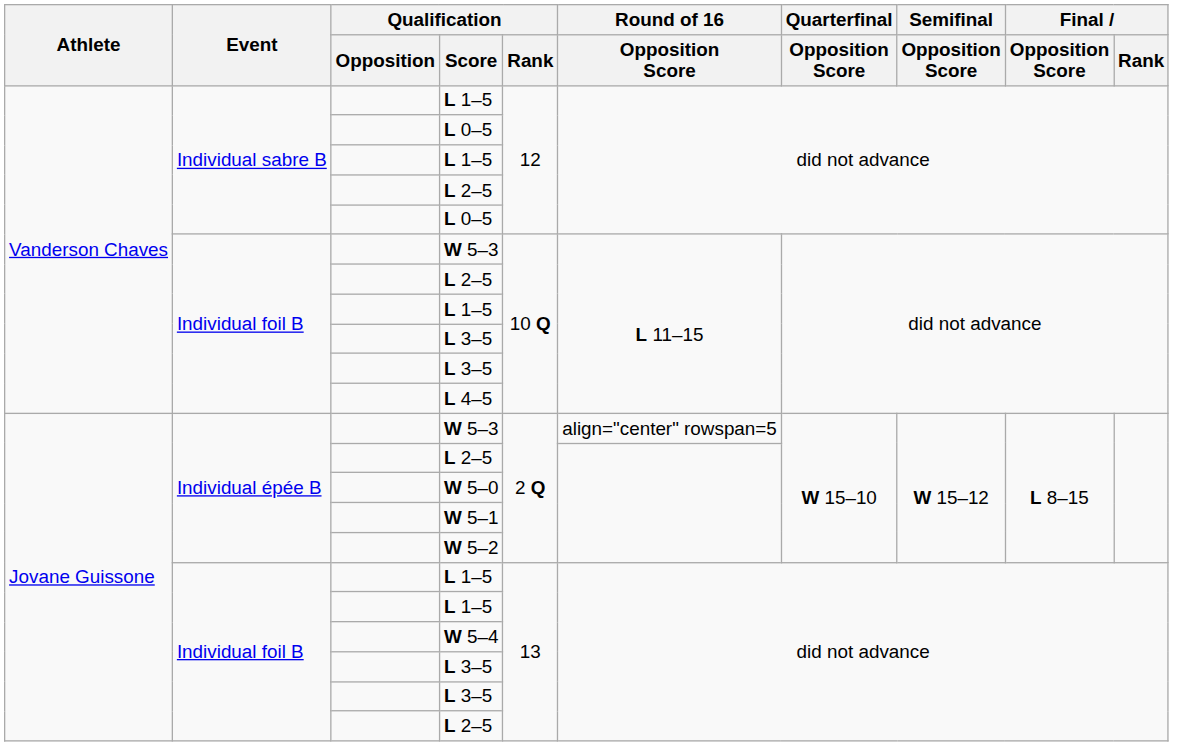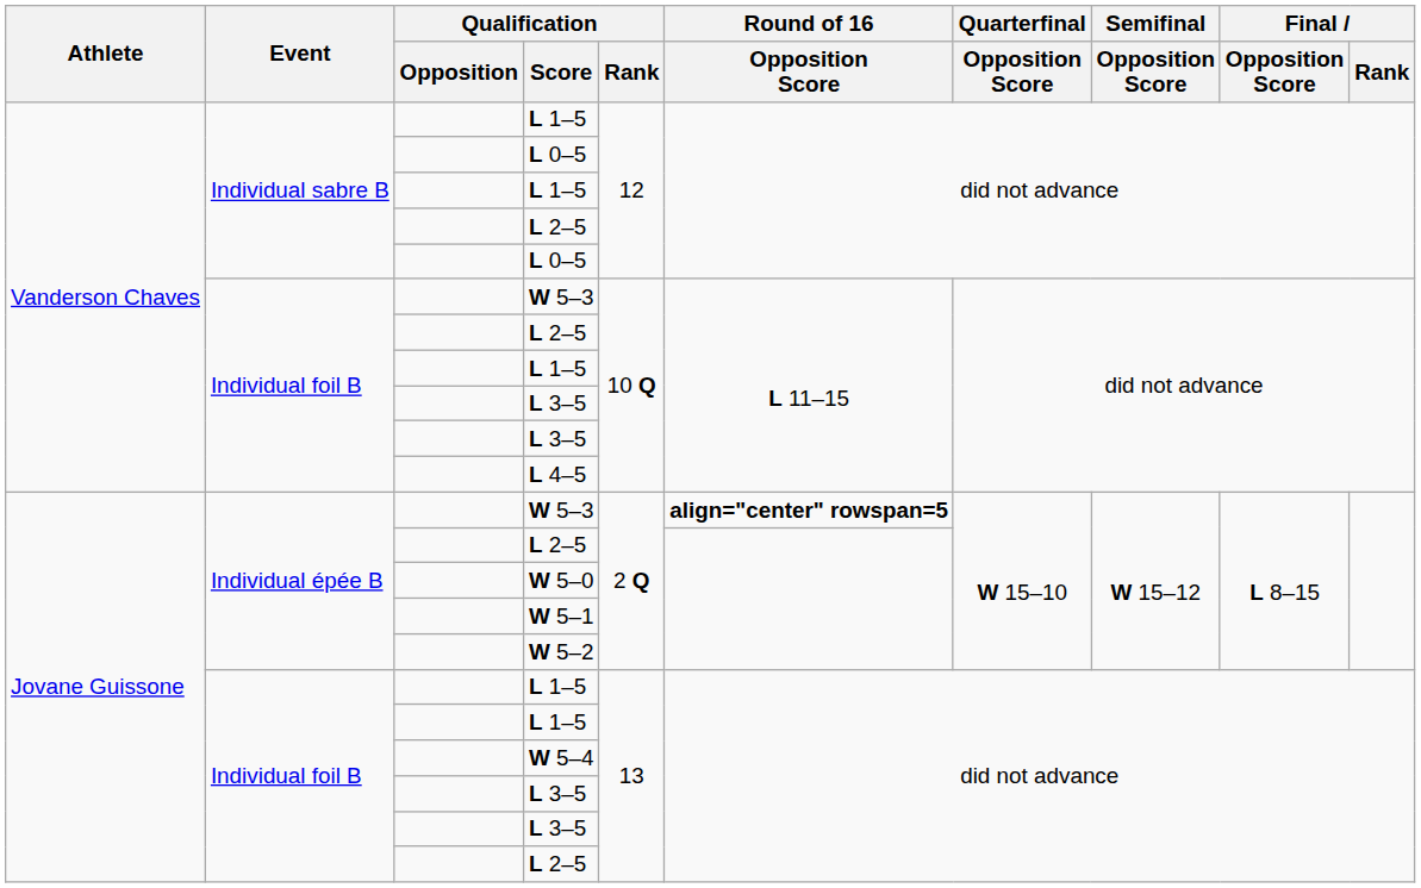 <table class=wikitable style="font-size:90%">
 <tr>
 <th rowspan="2">Athlete</th>
 <th rowspan="2">Event</th>
 <th colspan="3">Qualification</th>
 <th>Round of 16</th>
 <th>Quarterfinal</th>
 <th>Semifinal</th>
 <th colspan="2">Final / </th>
 </tr>
 <tr>
 <th>Opposition</th>
 <th>Score</th>
 <th>Rank</th>
 <th>Opposition<br>Score</th>
 <th>Opposition<br>Score</th>
 <th>Opposition<br>Score</th>
 <th>Opposition<br>Score</th>
 <th>Rank</th>
 </tr>
 <tr>
 <td rowspan=11><a href='#'>Vanderson Chaves</a></td>
 <td rowspan=5><a href='#'>Individual sabre B</a></td>
 <td></td>
 <td><strong>L</strong> 1–5</td>
 <td align="center" rowspan=5>12</td>
 <td align="center" rowspan=5 colspan=5>did not advance</td>
 </tr>
 <tr>
 <td></td>
 <td><strong>L</strong> 0–5</td>
 </tr>
 <tr>
 <td></td>
 <td><strong>L</strong> 1–5</td>
 </tr>
 <tr>
 <td></td>
 <td><strong>L</strong> 2–5</td>
 </tr>
 <tr>
 <td></td>
 <td><strong>L</strong> 0–5</td>
 </tr>
 <tr>
 <td rowspan=6><a href='#'>Individual foil B</a></td>
 <td></td>
 <td><strong>W</strong> 5–3</td>
 <td align="center" rowspan=6>10 <strong>Q</strong></td>
 <td align="center" rowspan=6><br><strong>L</strong> 11–15</td>
 <td align="center" rowspan=6 colspan=4>did not advance</td>
 </tr>
 <tr>
 <td></td>
 <td><strong>L</strong> 2–5</td>
 </tr>
 <tr>
 <td></td>
 <td><strong>L</strong> 1–5</td>
 </tr>
 <tr>
 <td></td>
 <td><strong>L</strong> 3–5</td>
 </tr>
 <tr>
 <td></td>
 <td><strong>L</strong> 3–5</td>
 </tr>
 <tr>
 <td></td>
 <td><strong>L</strong> 4–5</td>
 </tr>
 <tr>
 <td rowspan=11><a href='#'>Jovane Guissone</a></td>
 <td rowspan=5><a href='#'>Individual épée B</a></td>
 <td></td>
 <td><strong>W</strong> 5–3</td>
 <td align="center" rowspan=5>2 <strong>Q</strong></td>
-<td>align="center" rowspan=5 </td>
+<td><strong>align="center" rowspan=5 </strong></td>
 <td align="center" rowspan=5><br><strong>W</strong> 15–10</td>
 <td align="center" rowspan=5><br><strong>W</strong> 15–12</td>
 <td align="center" rowspan=5><br><strong>L</strong> 8–15</td>
 <td align="center" rowspan=5></td>
 </tr>
 <tr>
 <td></td>
 <td><strong>L</strong> 2–5</td>
 </tr>
 <tr>
 <td></td>
 <td><strong>W</strong> 5–0</td>
 </tr>
 <tr>
 <td></td>
 <td><strong>W</strong> 5–1</td>
 </tr>
 <tr>
 <td></td>
 <td><strong>W</strong> 5–2</td>
 </tr>
 <tr>
 <td rowspan=6><a href='#'>Individual foil B</a></td>
 <td></td>
 <td><strong>L</strong> 1–5</td>
 <td align="center" rowspan=6>13</td>
 <td align="center" rowspan=6 colspan=5>did not advance</td>
 </tr>
 <tr>
 <td></td>
 <td><strong>L</strong> 1–5</td>
 </tr>
 <tr>
 <td></td>
 <td><strong>W</strong> 5–4</td>
 </tr>
 <tr>
 <td></td>
 <td><strong>L</strong> 3–5</td>
 </tr>
 <tr>
 <td></td>
 <td><strong>L</strong> 3–5</td>
 </tr>
 <tr>
 <td></td>
 <td><strong>L</strong> 2–5</td>
 </tr>
 </table>
